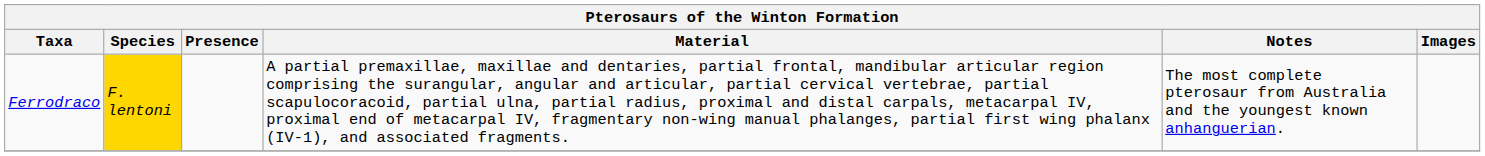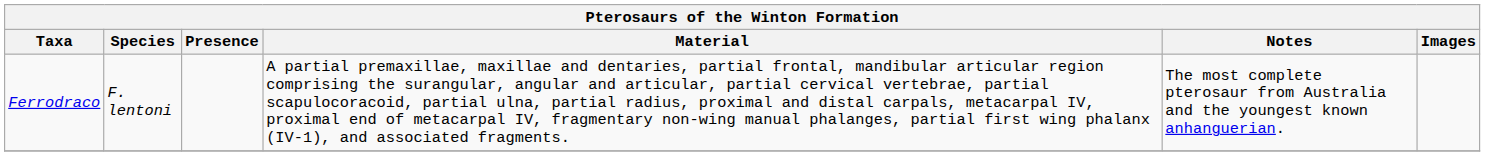 <table class="wikitable" align="center">
 <tr>
 <th colspan="6" align="center"><strong>Pterosaurs of the Winton Formation</strong></th>
 </tr>
 <tr>
 <th>Taxa</th>
 <th>Species</th>
 <th>Presence</th>
 <th>Material</th>
 <th>Notes</th>
 <th>Images</th>
 </tr>
 <tr>
 <td><em><a href='#'>Ferrodraco</a></em></td>
-<td style="background: gold;"><em>F. lentoni</em></td>
+<td><em>F. lentoni</em></td>
 <td></td>
 <td>A partial premaxillae, maxillae and dentaries, partial frontal, mandibular articular region comprising the surangular, angular and articular, partial cervical vertebrae, partial scapulocoracoid, partial ulna, partial radius, proximal and distal carpals, metacarpal IV, proximal end of metacarpal IV, fragmentary non-wing manual phalanges, partial first wing phalanx (IV-1), and associated fragments.</td>
 <td>The most complete pterosaur from Australia and the youngest known <a href='#'>anhanguerian</a>.</td>
 <td></td>
 </tr>
 <tr>
 </tr>
 </table>
